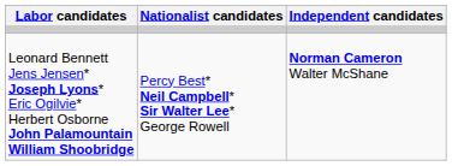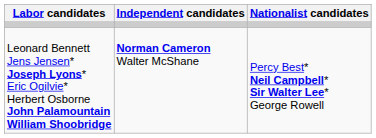 <table class="wikitable">
 <tr>
 <th><a href='#'>Labor</a> candidates</th>
+<th><a href='#'>Independent</a> candidates</th>
 <th><a href='#'>Nationalist</a> candidates</th>
-<th><a href='#'>Independent</a> candidates</th>
 </tr>
 <tr bgcolor="#cccccc">
 <td></td>
 <td></td>
 <td></td>
 </tr>
 <tr>
 <td><br>Leonard Bennett<br> <a href='#'>Jens Jensen</a>*<br> <strong><a href='#'>Joseph Lyons</a></strong>*<br> <a href='#'>Eric Ogilvie</a>*<br> Herbert Osborne<br> <strong><a href='#'>John Palamountain</a></strong><br> <strong><a href='#'>William Shoobridge</a></strong></td>
+<td valign=top><br><strong><a href='#'>Norman Cameron</a></strong><br> Walter McShane</td>
 <td><br><a href='#'>Percy Best</a>*<br> <strong><a href='#'>Neil Campbell</a></strong>*<br> <strong><a href='#'>Sir Walter Lee</a></strong>*<br> George Rowell</td>
-<td valign=top><br><strong><a href='#'>Norman Cameron</a></strong><br> Walter McShane</td>
 </tr>
 </table>
